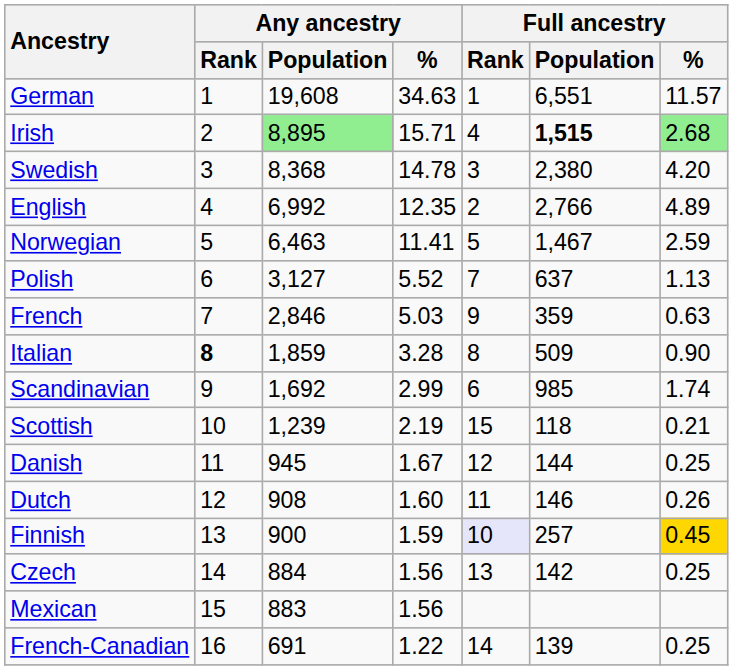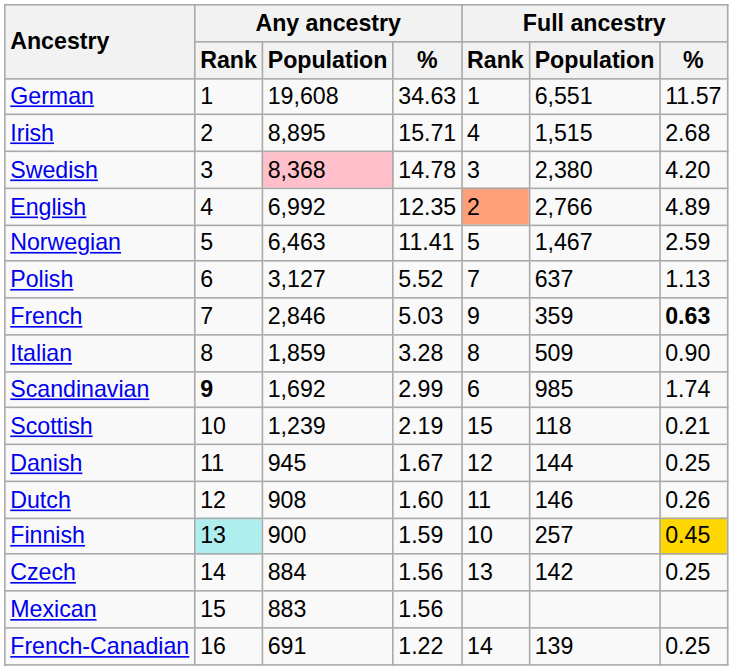 <table class="wikitable sortable" style="font-size: 90%;">
 <tr>
 <th rowspan="2" style="text-align:left">Ancestry</th>
 <th colspan="3">Any ancestry</th>
 <th colspan="3">Full ancestry</th>
 </tr>
 <tr>
 <th>Rank</th>
 <th>Population</th>
 <th>%</th>
 <th>Rank</th>
 <th>Population</th>
 <th>%</th>
 </tr>
 <tr>
 <td><a href='#'>German</a></td>
 <td>1</td>
 <td>19,608</td>
 <td>34.63</td>
 <td>1</td>
 <td>6,551</td>
 <td>11.57</td>
 </tr>
 <tr>
 <td><a href='#'>Irish</a></td>
 <td>2</td>
-<td style="background: lightgreen;">8,895</td>
+<td>8,895</td>
 <td>15.71</td>
 <td>4</td>
-<td><strong>1,515</strong></td>
-<td style="background: lightgreen;">2.68</td>
+<td>1,515</td>
+<td>2.68</td>
 </tr>
 <tr>
 <td><a href='#'>Swedish</a></td>
 <td>3</td>
-<td>8,368</td>
+<td style="background: pink;">8,368</td>
 <td>14.78</td>
 <td>3</td>
 <td>2,380</td>
 <td>4.20</td>
 </tr>
 <tr>
 <td><a href='#'>English</a></td>
 <td>4</td>
 <td>6,992</td>
 <td>12.35</td>
-<td>2</td>
+<td style="background: lightsalmon;">2</td>
 <td>2,766</td>
 <td>4.89</td>
 </tr>
 <tr>
 <td><a href='#'>Norwegian</a></td>
 <td>5</td>
 <td>6,463</td>
 <td>11.41</td>
 <td>5</td>
 <td>1,467</td>
 <td>2.59</td>
 </tr>
 <tr>
 <td><a href='#'>Polish</a></td>
 <td>6</td>
 <td>3,127</td>
 <td>5.52</td>
 <td>7</td>
 <td>637</td>
 <td>1.13</td>
 </tr>
 <tr>
 <td><a href='#'>French</a></td>
 <td>7</td>
 <td>2,846</td>
 <td>5.03</td>
 <td>9</td>
 <td>359</td>
-<td>0.63</td>
+<td><strong>0.63</strong></td>
 </tr>
 <tr>
 <td><a href='#'>Italian</a></td>
-<td><strong>8</strong></td>
+<td>8</td>
 <td>1,859</td>
 <td>3.28</td>
 <td>8</td>
 <td>509</td>
 <td>0.90</td>
 </tr>
 <tr>
 <td><a href='#'>Scandinavian</a></td>
-<td>9</td>
+<td><strong>9</strong></td>
 <td>1,692</td>
 <td>2.99</td>
 <td>6</td>
 <td>985</td>
 <td>1.74</td>
 </tr>
 <tr>
 <td><a href='#'>Scottish</a></td>
 <td>10</td>
 <td>1,239</td>
 <td>2.19</td>
 <td>15</td>
 <td>118</td>
 <td>0.21</td>
 </tr>
 <tr>
 <td><a href='#'>Danish</a></td>
 <td>11</td>
 <td>945</td>
 <td>1.67</td>
 <td>12</td>
 <td>144</td>
 <td>0.25</td>
 </tr>
 <tr>
 <td><a href='#'>Dutch</a></td>
 <td>12</td>
 <td>908</td>
 <td>1.60</td>
 <td>11</td>
 <td>146</td>
 <td>0.26</td>
 </tr>
 <tr>
 <td><a href='#'>Finnish</a></td>
-<td>13</td>
+<td style="background: paleturquoise;">13</td>
 <td>900</td>
 <td>1.59</td>
-<td style="background: lavender;">10</td>
+<td>10</td>
 <td>257</td>
 <td style="background: gold;">0.45</td>
 </tr>
 <tr>
 <td><a href='#'>Czech</a></td>
 <td>14</td>
 <td>884</td>
 <td>1.56</td>
 <td>13</td>
 <td>142</td>
 <td>0.25</td>
 </tr>
 <tr>
 <td><a href='#'>Mexican</a></td>
 <td>15</td>
 <td>883</td>
 <td>1.56</td>
 <td></td>
 <td></td>
 <td></td>
 </tr>
 <tr>
 <td><a href='#'>French-Canadian</a></td>
 <td>16</td>
 <td>691</td>
 <td>1.22</td>
 <td>14</td>
 <td>139</td>
 <td>0.25</td>
 </tr>
 </table>
